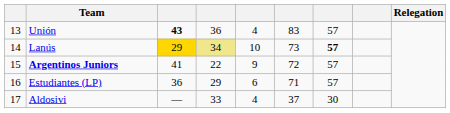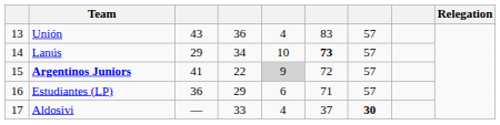 <table class="wikitable sortable" style="text-align: center;">
 <tr>
 <th width=25></th>
 <th width=185>Team</th>
 <th width=50></th>
 <th width=50></th>
 <th width=50></th>
 <th width=50></th>
 <th width=50></th>
 <th width=50></th>
 <th>Relegation</th>
 </tr>
 <tr>
 <td>13</td>
 <td align="left"><a href='#'>Unión</a></td>
-<td><strong>43</strong></td>
+<td>43</td>
 <td>36</td>
 <td>4</td>
 <td>83</td>
 <td>57</td>
 <td><strong></strong></td>
 </tr>
 <tr>
 <td>14</td>
 <td align="left"><a href='#'>Lanús</a></td>
-<td style="background: gold;">29</td>
-<td style="background: khaki;">34</td>
+<td>29</td>
+<td>34</td>
 <td>10</td>
-<td>73</td>
-<td><strong>57</strong></td>
+<td><strong>73</strong></td>
+<td>57</td>
 <td><strong></strong></td>
 </tr>
 <tr>
 <td>15</td>
 <td align="left"><strong><a href='#'>Argentinos Juniors</a></strong></td>
 <td>41</td>
 <td>22</td>
-<td>9</td>
+<td style="background: lightgrey;">9</td>
 <td>72</td>
 <td>57</td>
 <td><strong></strong></td>
 </tr>
 <tr>
 <td>16</td>
 <td align="left"><a href='#'>Estudiantes (LP)</a></td>
 <td>36</td>
 <td>29</td>
 <td>6</td>
 <td>71</td>
 <td>57</td>
 <td><strong></strong></td>
 </tr>
 <tr>
 <td>17</td>
 <td align="left"><a href='#'>Aldosivi</a></td>
 <td>—</td>
 <td>33</td>
 <td>4</td>
 <td>37</td>
-<td>30</td>
+<td><strong>30</strong></td>
 <td><strong></strong></td>
 </tr>
 </table>
